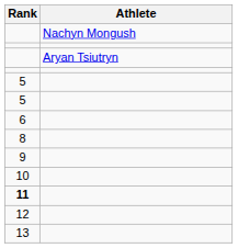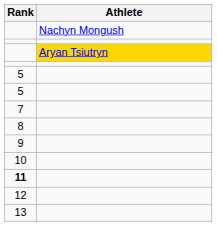 <table class="wikitable" style="text-align: center;">
 <tr>
 <th width=40>Rank</th>
 <th width=250>Athlete</th>
 </tr>
 <tr>
 <td></td>
 <td align="left"> <a href='#'>Nachyn Mongush</a> </td>
 </tr>
 <tr>
 <td></td>
 <td align="left"></td>
 </tr>
 <tr>
 <td></td>
-<td align="left"> <a href='#'>Aryan Tsiutryn</a> </td>
+<td align="left" style="background: gold;"> <a href='#'>Aryan Tsiutryn</a> </td>
 </tr>
 <tr>
 <td></td>
 <td align="left"></td>
 </tr>
 <tr>
 <td>5</td>
 <td align="left"></td>
 </tr>
 <tr>
 <td>5</td>
 <td align="left"></td>
 </tr>
 <tr>
-<td>6</td>
+<td>7</td>
 <td align="left"></td>
 </tr>
 <tr>
 <td>8</td>
 <td align="left"></td>
 </tr>
 <tr>
 <td>9</td>
 <td align="left"></td>
 </tr>
 <tr>
 <td>10</td>
 <td align="left"></td>
 </tr>
 <tr>
 <td><strong>11</strong></td>
 <td align="left"></td>
 </tr>
 <tr>
 <td>12</td>
 <td align="left"></td>
 </tr>
 <tr>
 <td>13</td>
 <td align="left"></td>
 </tr>
 </table>
